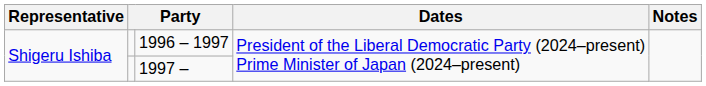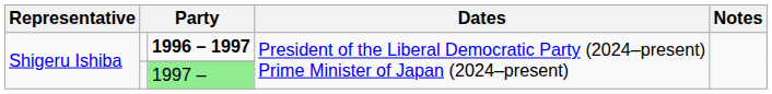 <table class=wikitable>
 <tr valign=bottom>
 <th>Representative</th>
 <th colspan="2">Party</th>
 <th>Dates</th>
 <th>Notes</th>
 </tr>
 <tr>
 <td rowspan="2"><a href='#'>Shigeru Ishiba</a></td>
 <td></td>
-<td>1996 – 1997</td>
+<td><strong>1996 – 1997</strong></td>
 <td rowspan="2"><a href='#'>President of the Liberal Democratic Party</a> (2024–present)<br><a href='#'>Prime Minister of Japan</a> (2024–present)</td>
 </tr>
 <tr>
 <td></td>
-<td>1997 –</td>
+<td style="background: lightgreen;">1997 –</td>
 </tr>
 </table>
